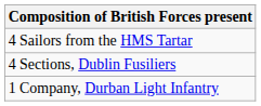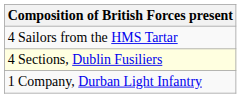 <table class="wikitable">
 <tr>
 <th>Composition of British Forces present</th>
 </tr>
 <tr>
 <td>4 Sailors from the <a href='#'>HMS Tartar</a></td>
 </tr>
 <tr>
-<td>4 Sections, <a href='#'>Dublin Fusiliers</a></td>
+<td style="background: lightyellow;">4 Sections, <a href='#'>Dublin Fusiliers</a></td>
 </tr>
 <tr>
 <td>1 Company, <a href='#'>Durban Light Infantry</a></td>
 </tr>
 </table>
